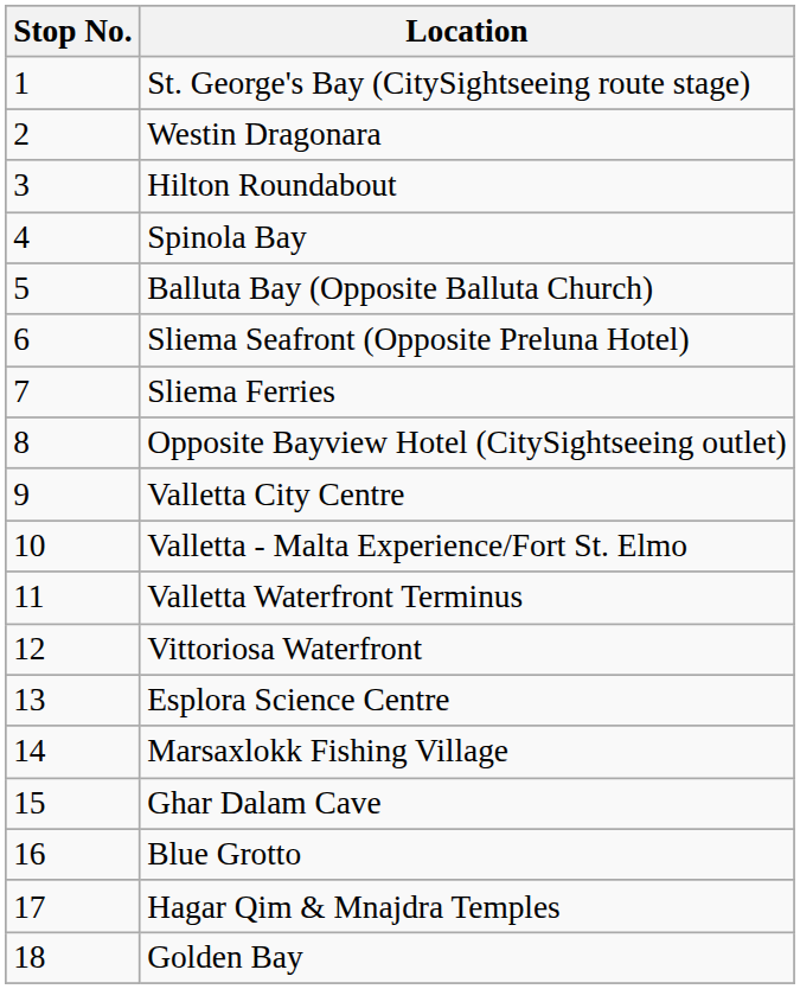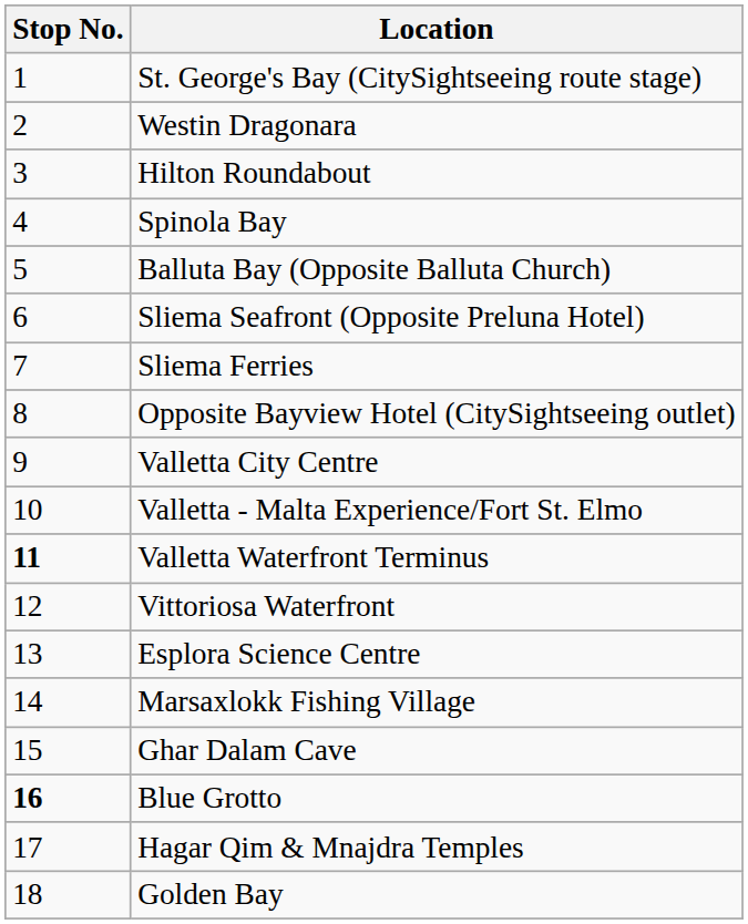 <table class="wikitable sortable">
 <tr>
 <th>Stop No.</th>
 <th>Location</th>
 </tr>
 <tr>
 <td>1</td>
 <td>St. George's Bay (CitySightseeing route stage)</td>
 </tr>
 <tr>
 <td>2</td>
 <td>Westin Dragonara</td>
 </tr>
 <tr>
 <td>3</td>
 <td>Hilton Roundabout</td>
 </tr>
 <tr>
 <td>4</td>
 <td>Spinola Bay</td>
 </tr>
 <tr>
 <td>5</td>
 <td>Balluta Bay (Opposite Balluta Church)</td>
 </tr>
 <tr>
 <td>6</td>
 <td>Sliema Seafront (Opposite Preluna Hotel)</td>
 </tr>
 <tr>
 <td>7</td>
 <td>Sliema Ferries</td>
 </tr>
 <tr>
 <td>8</td>
 <td>Opposite Bayview Hotel (CitySightseeing outlet)</td>
 </tr>
 <tr>
 <td>9</td>
 <td>Valletta City Centre</td>
 </tr>
 <tr>
 <td>10</td>
 <td>Valletta - Malta Experience/Fort St. Elmo</td>
 </tr>
 <tr>
-<td>11</td>
+<td><strong>11</strong></td>
 <td>Valletta Waterfront Terminus</td>
 </tr>
 <tr>
 <td>12</td>
 <td>Vittoriosa Waterfront</td>
 </tr>
 <tr>
 <td>13</td>
 <td>Esplora Science Centre</td>
 </tr>
 <tr>
 <td>14</td>
 <td>Marsaxlokk Fishing Village</td>
 </tr>
 <tr>
 <td>15</td>
 <td>Ghar Dalam Cave</td>
 </tr>
 <tr>
-<td>16</td>
+<td><strong>16</strong></td>
 <td>Blue Grotto</td>
 </tr>
 <tr>
 <td>17</td>
 <td>Hagar Qim & Mnajdra Temples</td>
 </tr>
 <tr>
 <td>18</td>
 <td>Golden Bay</td>
 </tr>
 </table>
